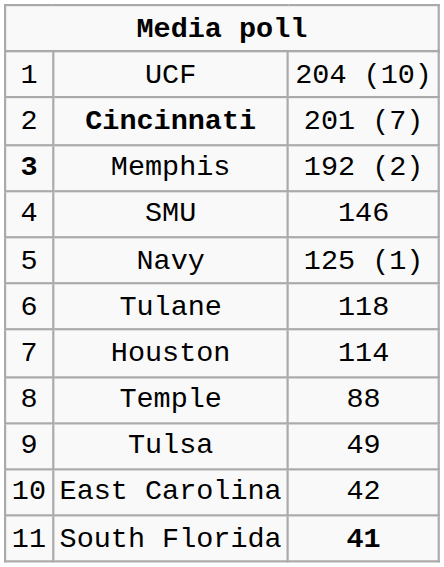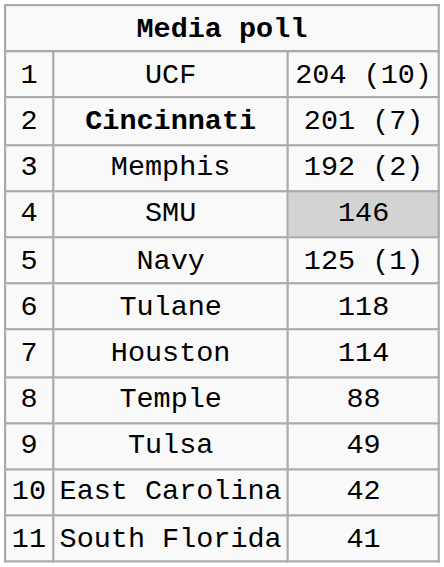 <table class="wikitable">
 <tr align="center">
 <td align="center" Colspan="3"><strong>Media poll</strong></td>
 </tr>
 <tr align="center">
 </tr>
 <tr align="center">
 <td>1</td>
 <td>UCF</td>
 <td>204 (10)</td>
 </tr>
 <tr align="center">
 <td>2</td>
 <td><strong>Cincinnati</strong></td>
 <td>201 (7)</td>
 </tr>
 <tr align="center">
-<td><strong>3</strong></td>
+<td>3</td>
 <td>Memphis</td>
 <td>192 (2)</td>
 </tr>
 <tr align="center">
 <td>4</td>
 <td>SMU</td>
-<td>146</td>
+<td style="background: lightgrey;">146</td>
 </tr>
 <tr align="center">
 <td>5</td>
 <td>Navy</td>
 <td>125 (1)</td>
 </tr>
 <tr align="center">
 <td>6</td>
 <td>Tulane</td>
 <td>118</td>
 </tr>
 <tr align="center">
 <td>7</td>
 <td>Houston</td>
 <td>114</td>
 </tr>
 <tr align="center">
 <td>8</td>
 <td>Temple</td>
 <td>88</td>
 </tr>
 <tr align="center">
 <td>9</td>
 <td>Tulsa</td>
 <td>49</td>
 </tr>
 <tr align="center">
 <td>10</td>
 <td>East Carolina</td>
 <td>42</td>
 </tr>
 <tr align="center">
 <td>11</td>
 <td>South Florida</td>
-<td><strong>41</strong></td>
+<td>41</td>
 </tr>
 </table>
